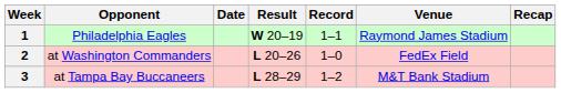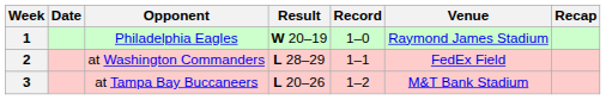 <table class="wikitable" style="text-align:center">
 <tr>
 <th>Week</th>
+<th>Date</th>
 <th>Opponent</th>
-<th>Date</th>
 <th>Result</th>
 <th>Record</th>
 <th>Venue</th>
 <th>Recap</th>
 </tr>
 <tr style="background:#cfc">
 <th>1</th>
+<td></td>
 <td><a href='#'>Philadelphia Eagles</a></td>
-<td></td>
 <td><strong>W</strong> 20–19</td>
-<td>1–1</td>
+<td>1–0</td>
 <td><a href='#'>Raymond James Stadium</a></td>
 <td></td>
 </tr>
 <tr style="background:#fcc">
 <th>2</th>
+<td></td>
 <td>at <a href='#'>Washington Commanders</a></td>
-<td></td>
-<td><strong>L</strong> 20–26</td>
-<td>1–0</td>
+<td><strong>L</strong> 28–29</td>
+<td>1–1</td>
 <td><a href='#'>FedEx Field</a></td>
 <td></td>
 </tr>
 <tr style="background:#fcc">
 <th>3</th>
+<td></td>
 <td>at <a href='#'>Tampa Bay Buccaneers</a></td>
-<td></td>
-<td><strong>L</strong> 28–29</td>
+<td><strong>L</strong> 20–26</td>
 <td>1–2</td>
 <td><a href='#'>M&T Bank Stadium</a></td>
 <td></td>
 </tr>
 </table>
